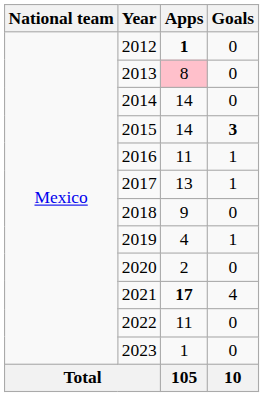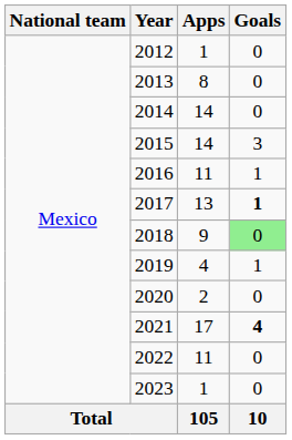 <table class="wikitable" style="text-align:center">
 <tr>
 <th>National team</th>
 <th>Year</th>
 <th>Apps</th>
 <th>Goals</th>
 </tr>
 <tr>
 <td rowspan="12"><a href='#'>Mexico</a></td>
 <td>2012</td>
-<td><strong>1</strong></td>
+<td>1</td>
 <td>0</td>
 </tr>
 <tr>
 <td>2013</td>
-<td style="background: pink;">8</td>
+<td>8</td>
 <td>0</td>
 </tr>
 <tr>
 <td>2014</td>
 <td>14</td>
 <td>0</td>
 </tr>
 <tr>
 <td>2015</td>
 <td>14</td>
-<td><strong>3</strong></td>
+<td>3</td>
 </tr>
 <tr>
 <td>2016</td>
 <td>11</td>
 <td>1</td>
 </tr>
 <tr>
 <td>2017</td>
 <td>13</td>
-<td>1</td>
+<td><strong>1</strong></td>
 </tr>
 <tr>
 <td>2018</td>
 <td>9</td>
-<td>0</td>
+<td style="background: lightgreen;">0</td>
 </tr>
 <tr>
 <td>2019</td>
 <td>4</td>
 <td>1</td>
 </tr>
 <tr>
 <td>2020</td>
 <td>2</td>
 <td>0</td>
 </tr>
 <tr>
 <td>2021</td>
-<td><strong>17</strong></td>
-<td>4</td>
+<td>17</td>
+<td><strong>4</strong></td>
 </tr>
 <tr>
 <td>2022</td>
 <td>11</td>
 <td>0</td>
 </tr>
 <tr>
 <td>2023</td>
 <td>1</td>
 <td>0</td>
 </tr>
 <tr>
 <th colspan="2">Total</th>
 <th>105</th>
 <th>10</th>
 </tr>
 </table>
